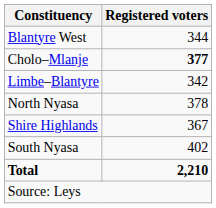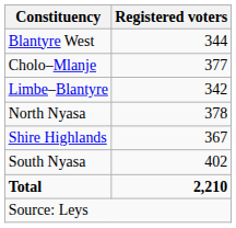 <table class=wikitable style=text-align:right>
 <tr>
 <th>Constituency</th>
 <th>Registered voters</th>
 </tr>
 <tr>
 <td align=left><a href='#'>Blantyre</a> West</td>
 <td>344</td>
 </tr>
 <tr>
 <td align=left>Cholo–<a href='#'>Mlanje</a></td>
-<td><strong>377</strong></td>
+<td>377</td>
 </tr>
 <tr>
 <td align=left><a href='#'>Limbe</a>–<a href='#'>Blantyre</a></td>
 <td>342</td>
 </tr>
 <tr>
 <td align=left>North Nyasa</td>
 <td>378</td>
 </tr>
 <tr>
 <td align=left><a href='#'>Shire Highlands</a></td>
 <td>367</td>
 </tr>
 <tr>
 <td align=left>South Nyasa</td>
 <td>402</td>
 </tr>
 <tr>
 <td align=left><strong>Total</strong></td>
 <td><strong>2,210</strong></td>
 </tr>
 <tr>
 <td align=left colspan=2>Source: Leys</td>
 </tr>
 </table>
